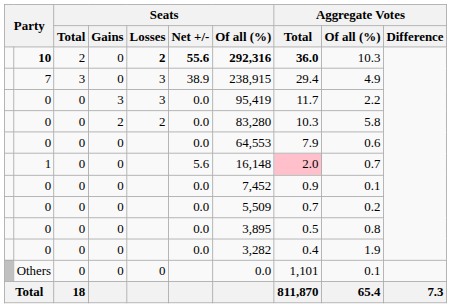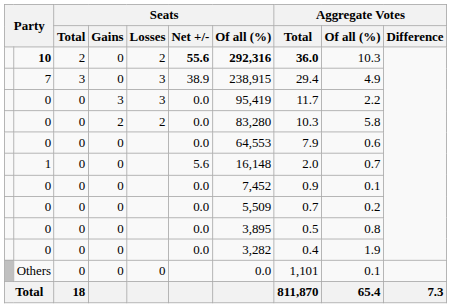 <table class="wikitable sortable" style="text-align:right; font-size:95%;">
 <tr>
 <th colspan="2" rowspan="2">Party</th>
 <th colspan="5">Seats</th>
 <th colspan="3">Aggregate Votes</th>
 </tr>
 <tr>
 <th>Total</th>
 <th>Gains</th>
 <th>Losses</th>
 <th>Net +/-</th>
 <th>Of all (%)</th>
 <th>Total</th>
 <th>Of all (%)</th>
 <th>Difference</th>
 </tr>
 <tr>
 <td></td>
 <td><strong>10</strong></td>
 <td>2</td>
 <td>0</td>
-<td><strong>2</strong></td>
+<td>2</td>
 <td><strong>55.6</strong></td>
 <td><strong>292,316</strong></td>
 <td><strong>36.0</strong></td>
 <td>10.3</td>
 </tr>
 <tr>
 <td></td>
 <td>7</td>
 <td>3</td>
 <td>0</td>
 <td>3</td>
 <td>38.9</td>
 <td>238,915</td>
 <td>29.4</td>
 <td>4.9</td>
 </tr>
 <tr>
 <td></td>
 <td>0</td>
 <td>0</td>
 <td>3</td>
 <td>3</td>
 <td>0.0</td>
 <td>95,419</td>
 <td>11.7</td>
 <td>2.2</td>
 </tr>
 <tr>
 <td></td>
 <td>0</td>
 <td>0</td>
 <td>2</td>
 <td>2</td>
 <td>0.0</td>
 <td>83,280</td>
 <td>10.3</td>
 <td>5.8</td>
 </tr>
 <tr>
 <td></td>
 <td>0</td>
 <td>0</td>
 <td>0</td>
 <td></td>
 <td>0.0</td>
 <td>64,553</td>
 <td>7.9</td>
 <td>0.6</td>
 </tr>
 <tr>
 <td></td>
 <td>1</td>
 <td>0</td>
 <td>0</td>
 <td></td>
 <td>5.6</td>
 <td>16,148</td>
-<td style="background: pink;">2.0</td>
+<td>2.0</td>
 <td>0.7</td>
 </tr>
 <tr>
 <td></td>
 <td>0</td>
 <td>0</td>
 <td>0</td>
 <td></td>
 <td>0.0</td>
 <td>7,452</td>
 <td>0.9</td>
 <td>0.1</td>
 </tr>
 <tr>
 <td></td>
 <td>0</td>
 <td>0</td>
 <td>0</td>
 <td></td>
 <td>0.0</td>
 <td>5,509</td>
 <td>0.7</td>
 <td>0.2</td>
 </tr>
 <tr>
 <td></td>
 <td>0</td>
 <td>0</td>
 <td>0</td>
 <td></td>
 <td>0.0</td>
 <td>3,895</td>
 <td>0.5</td>
 <td>0.8</td>
 </tr>
 <tr>
 <td></td>
 <td>0</td>
 <td>0</td>
 <td>0</td>
 <td></td>
 <td>0.0</td>
 <td>3,282</td>
 <td>0.4</td>
 <td>1.9</td>
 </tr>
 <tr>
 <td style="background:silver;"> </td>
 <td align=left>Others</td>
 <td>0</td>
 <td>0</td>
 <td>0</td>
 <td></td>
 <td>0.0</td>
 <td>1,101</td>
 <td>0.1</td>
 <td></td>
 </tr>
 <tr class="sortbottom">
 <th colspan="2" style="background:#f2f2f2"><strong>Total</strong></th>
 <td style="background:#f2f2f2;"><strong>18</strong></td>
 <td style="background:#f2f2f2;"></td>
 <td style="background:#f2f2f2;"></td>
 <td style="background:#f2f2f2;"></td>
 <td style="background:#f2f2f2;"></td>
 <td style="background:#f2f2f2;"><strong>811,870</strong></td>
 <td style="background:#f2f2f2;"><strong>65.4</strong></td>
 <td style="background:#f2f2f2;"><strong>7.3</strong></td>
 </tr>
 </table>
